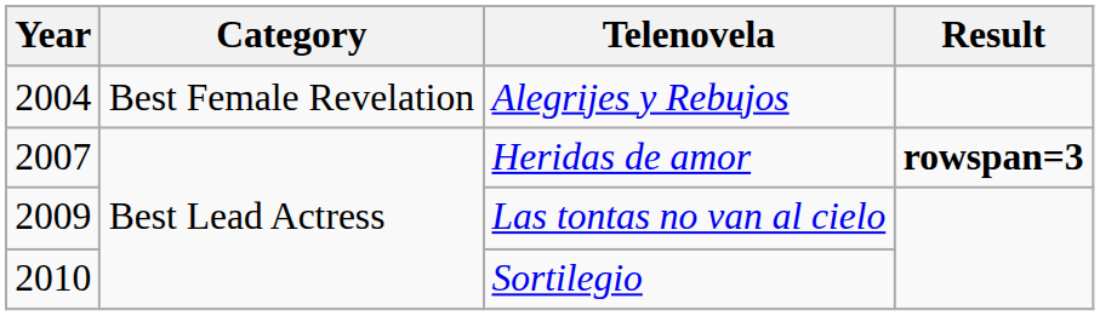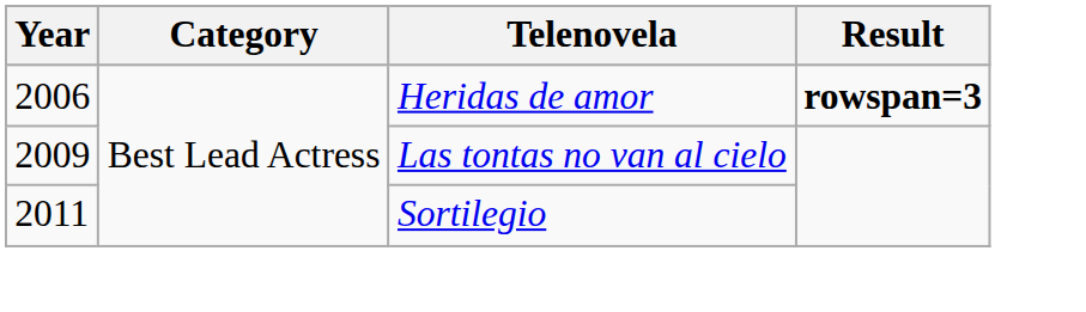 <table class="wikitable">
 <tr style="background:#b0c4de;">
 <th>Year</th>
 <th>Category</th>
 <th>Telenovela</th>
 <th>Result</th>
 </tr>
 <tr>
-<td>2004</td>
-<td>Best Female Revelation</td>
-<td><em><a href='#'>Alegrijes y Rebujos</a></em></td>
-<td></td>
-</tr>
-<tr>
-<td>2007</td>
+<td>2006</td>
 <td rowspan=3>Best Lead Actress</td>
 <td><em><a href='#'>Heridas de amor</a></em></td>
 <td><strong>rowspan=3 </strong></td>
 </tr>
 <tr>
 <td>2009</td>
 <td><em> <a href='#'>Las tontas no van al cielo</a> </em></td>
 </tr>
 <tr>
-<td>2010</td>
+<td>2011</td>
 <td><em><a href='#'>Sortilegio</a></em></td>
 </tr>
 </table>
